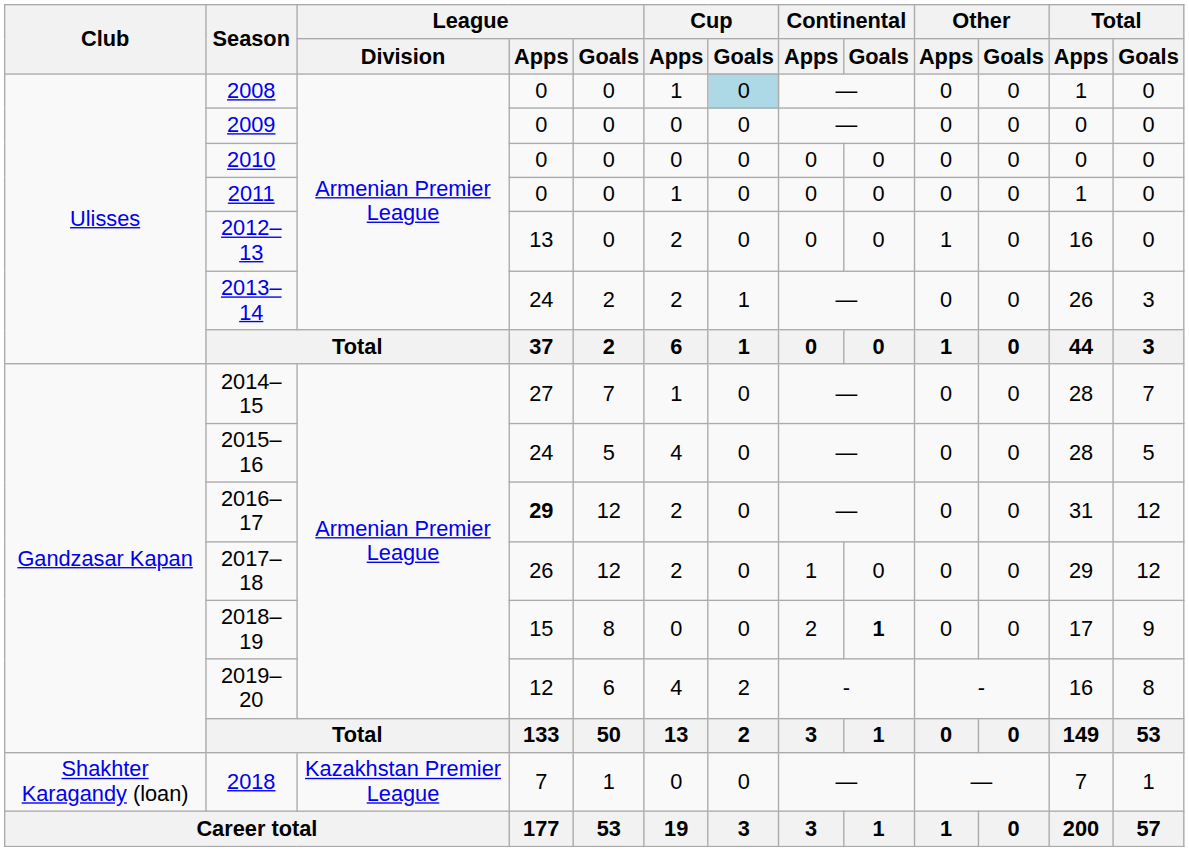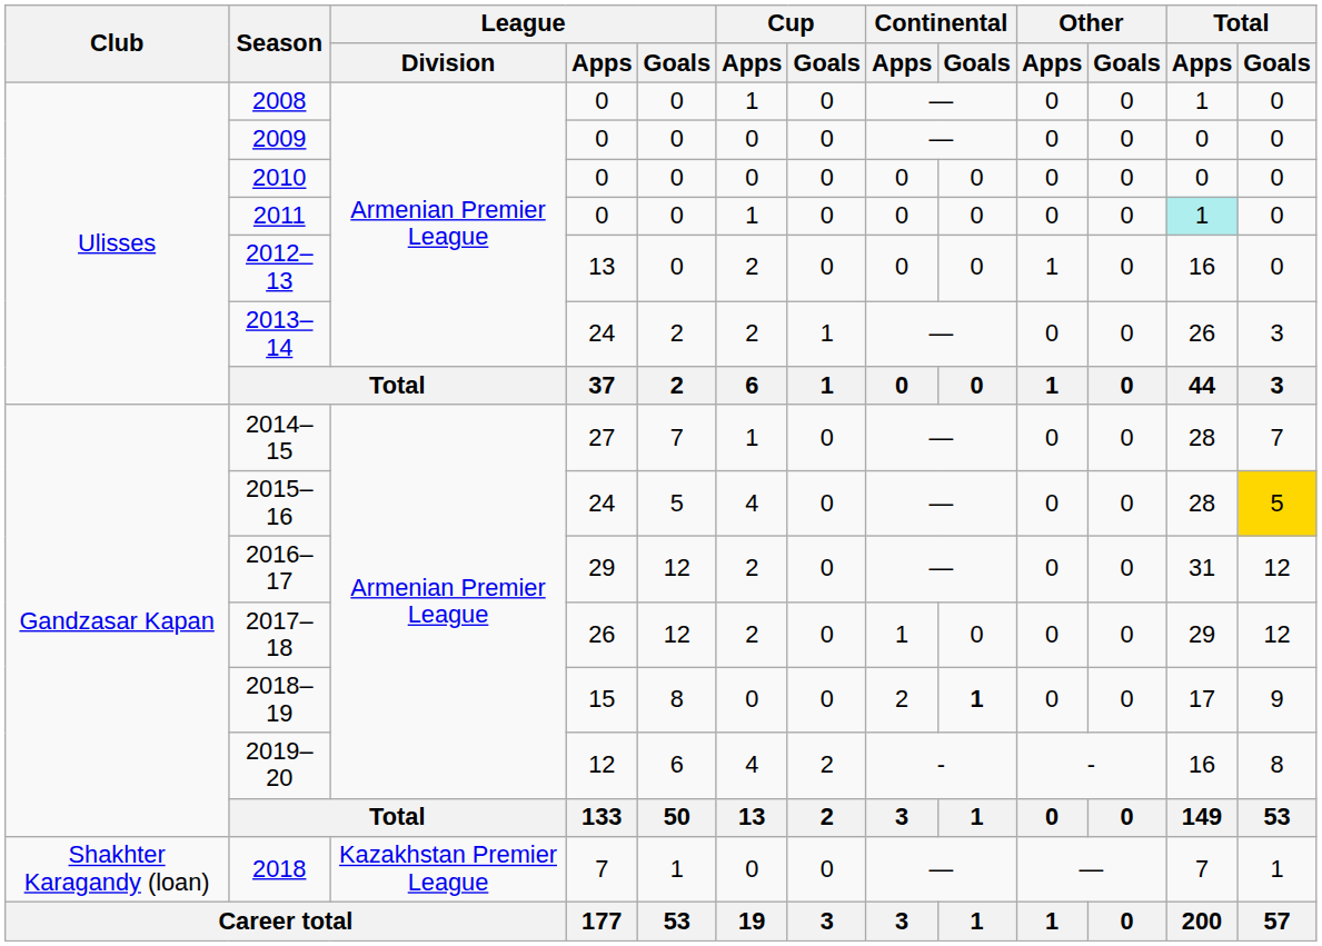 <table class="wikitable" style="text-align:center">
 <tr>
 <th rowspan="2">Club</th>
 <th rowspan="2">Season</th>
 <th colspan="3">League</th>
 <th colspan="2">Cup</th>
 <th colspan="2">Continental</th>
 <th colspan="2">Other</th>
 <th colspan="2">Total</th>
 </tr>
 <tr>
 <th>Division</th>
 <th>Apps</th>
 <th>Goals</th>
 <th>Apps</th>
 <th>Goals</th>
 <th>Apps</th>
 <th>Goals</th>
 <th>Apps</th>
 <th>Goals</th>
 <th>Apps</th>
 <th>Goals</th>
 </tr>
 <tr>
 <td rowspan="7"><a href='#'>Ulisses</a></td>
 <td><a href='#'>2008</a></td>
 <td rowspan="6"><a href='#'>Armenian Premier League</a></td>
 <td>0</td>
 <td>0</td>
 <td>1</td>
-<td style="background: lightblue;">0</td>
+<td>0</td>
 <td colspan="2">—</td>
 <td>0</td>
 <td>0</td>
 <td>1</td>
 <td>0</td>
 </tr>
 <tr>
 <td><a href='#'>2009</a></td>
 <td>0</td>
 <td>0</td>
 <td>0</td>
 <td>0</td>
 <td colspan="2">—</td>
 <td>0</td>
 <td>0</td>
 <td>0</td>
 <td>0</td>
 </tr>
 <tr>
 <td><a href='#'>2010</a></td>
 <td>0</td>
 <td>0</td>
 <td>0</td>
 <td>0</td>
 <td>0</td>
 <td>0</td>
 <td>0</td>
 <td>0</td>
 <td>0</td>
 <td>0</td>
 </tr>
 <tr>
 <td><a href='#'>2011</a></td>
 <td>0</td>
 <td>0</td>
 <td>1</td>
 <td>0</td>
 <td>0</td>
 <td>0</td>
 <td>0</td>
 <td>0</td>
-<td>1</td>
+<td style="background: paleturquoise;">1</td>
 <td>0</td>
 </tr>
 <tr>
 <td><a href='#'>2012–13</a></td>
 <td>13</td>
 <td>0</td>
 <td>2</td>
 <td>0</td>
 <td>0</td>
 <td>0</td>
 <td>1</td>
 <td>0</td>
 <td>16</td>
 <td>0</td>
 </tr>
 <tr>
 <td><a href='#'>2013–14</a></td>
 <td>24</td>
 <td>2</td>
 <td>2</td>
 <td>1</td>
 <td colspan="2">—</td>
 <td>0</td>
 <td>0</td>
 <td>26</td>
 <td>3</td>
 </tr>
 <tr>
 <th colspan="2">Total</th>
 <th>37</th>
 <th>2</th>
 <th>6</th>
 <th>1</th>
 <th>0</th>
 <th>0</th>
 <th>1</th>
 <th>0</th>
 <th>44</th>
 <th>3</th>
 </tr>
 <tr>
 <td rowspan="7"><a href='#'>Gandzasar Kapan</a></td>
 <td>2014–15</td>
 <td rowspan="6"><a href='#'>Armenian Premier League</a></td>
 <td>27</td>
 <td>7</td>
 <td>1</td>
 <td>0</td>
 <td colspan="2">—</td>
 <td>0</td>
 <td>0</td>
 <td>28</td>
 <td>7</td>
 </tr>
 <tr>
 <td>2015–16</td>
 <td>24</td>
 <td>5</td>
 <td>4</td>
 <td>0</td>
 <td colspan="2">—</td>
 <td>0</td>
 <td>0</td>
 <td>28</td>
-<td>5</td>
+<td style="background: gold;">5</td>
 </tr>
 <tr>
 <td>2016–17</td>
-<td><strong>29</strong></td>
+<td>29</td>
 <td>12</td>
 <td>2</td>
 <td>0</td>
 <td colspan="2">—</td>
 <td>0</td>
 <td>0</td>
 <td>31</td>
 <td>12</td>
 </tr>
 <tr>
 <td>2017–18</td>
 <td>26</td>
 <td>12</td>
 <td>2</td>
 <td>0</td>
 <td>1</td>
 <td>0</td>
 <td>0</td>
 <td>0</td>
 <td>29</td>
 <td>12</td>
 </tr>
 <tr>
 <td>2018–19</td>
 <td>15</td>
 <td>8</td>
 <td>0</td>
 <td>0</td>
 <td>2</td>
 <td><strong>1</strong></td>
 <td>0</td>
 <td>0</td>
 <td>17</td>
 <td>9</td>
 </tr>
 <tr>
 <td>2019–20</td>
 <td>12</td>
 <td>6</td>
 <td>4</td>
 <td>2</td>
 <td colspan="2">-</td>
 <td colspan="2">-</td>
 <td>16</td>
 <td>8</td>
 </tr>
 <tr>
 <th colspan="2">Total</th>
 <th>133</th>
 <th>50</th>
 <th>13</th>
 <th>2</th>
 <th>3</th>
 <th>1</th>
 <th>0</th>
 <th>0</th>
 <th>149</th>
 <th>53</th>
 </tr>
 <tr>
 <td rowspan="1"><a href='#'>Shakhter Karagandy</a> (loan)</td>
 <td><a href='#'>2018</a></td>
 <td rowspan="1"><a href='#'>Kazakhstan Premier League</a></td>
 <td>7</td>
 <td>1</td>
 <td>0</td>
 <td>0</td>
 <td colspan="2">—</td>
 <td colspan="2">—</td>
 <td>7</td>
 <td>1</td>
 </tr>
 <tr>
 <th colspan="3">Career total</th>
 <th>177</th>
 <th>53</th>
 <th>19</th>
 <th>3</th>
 <th>3</th>
 <th>1</th>
 <th>1</th>
 <th>0</th>
 <th>200</th>
 <th>57</th>
 </tr>
 </table>
